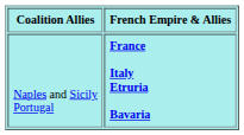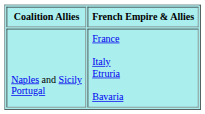 <table border="1" cellpadding="5" style="clear:right; font-size:86%; margin:1.46em 0 0 1.2em; background:#aee; float:right;">
 <tr>
 <th>Coalition Allies</th>
 <th>French Empire & Allies</th>
 </tr>
 <tr>
 <td><br><br><br> <a href='#'>Naples</a> and <a href='#'>Sicily</a><br> <a href='#'>Portugal</a><br></td>
-<td><strong> <a href='#'>France</a><br><br> <a href='#'>Italy</a><br> <a href='#'>Etruria</a><br> <br> <a href='#'>Bavaria</a><br></strong></td>
+<td> <a href='#'>France</a><br><br> <a href='#'>Italy</a><br> <a href='#'>Etruria</a><br> <br> <a href='#'>Bavaria</a><br></td>
 </tr>
 </table>
